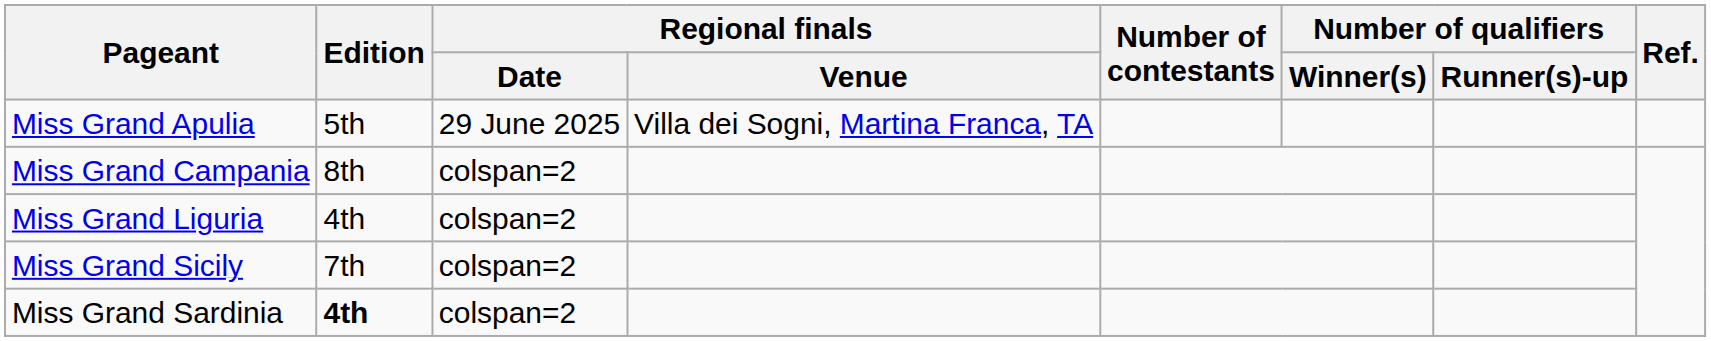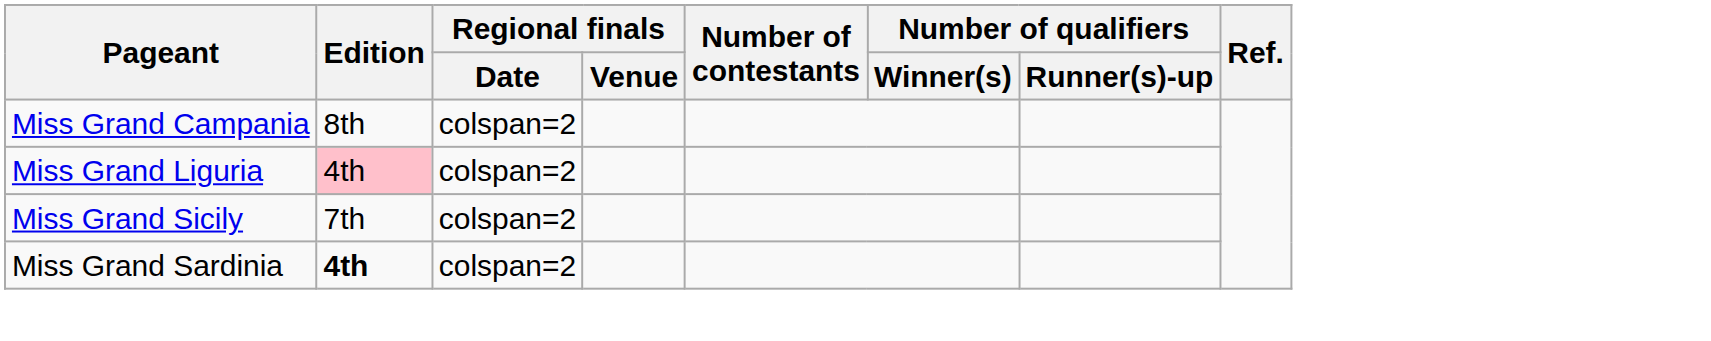 <table class="wikitable defaultcenter col3left col4left" style="font-size: 95%;">
 <tr>
 <th rowspan=2>Pageant</th>
 <th rowspan=2>Edition</th>
 <th colspan=2>Regional finals</th>
 <th rowspan=2>Number of<br>contestants</th>
 <th colspan=2>Number of qualifiers</th>
 <th rowspan=2>Ref.</th>
 </tr>
 <tr>
 <th>Date</th>
 <th>Venue</th>
 <th>Winner(s)</th>
 <th>Runner(s)-up</th>
 </tr>
 <tr>
-<td><a href='#'>Miss Grand Apulia</a></td>
-<td>5th</td>
-<td>29 June 2025</td>
-<td>Villa dei Sogni, <a href='#'>Martina Franca</a>, <a href='#'>TA</a></td>
-<td></td>
-<td></td>
-<td></td>
-<td></td>
-</tr>
-<tr>
 <td><a href='#'>Miss Grand Campania</a></td>
 <td>8th</td>
 <td>colspan=2 </td>
 <td></td>
 <td colspan=2></td>
 <td></td>
 </tr>
 <tr>
 <td><a href='#'>Miss Grand Liguria</a></td>
-<td>4th</td>
+<td style="background: pink;">4th</td>
 <td>colspan=2 </td>
 <td></td>
 <td colspan=2></td>
 <td></td>
 </tr>
 <tr>
 <td><a href='#'>Miss Grand Sicily</a></td>
 <td>7th</td>
 <td>colspan=2 </td>
 <td></td>
 <td colspan=2></td>
 <td></td>
 </tr>
 <tr>
 <td>Miss Grand Sardinia</td>
 <td><strong>4th</strong></td>
 <td>colspan=2 </td>
 <td></td>
 <td colspan=2></td>
 <td></td>
 </tr>
 </table>
